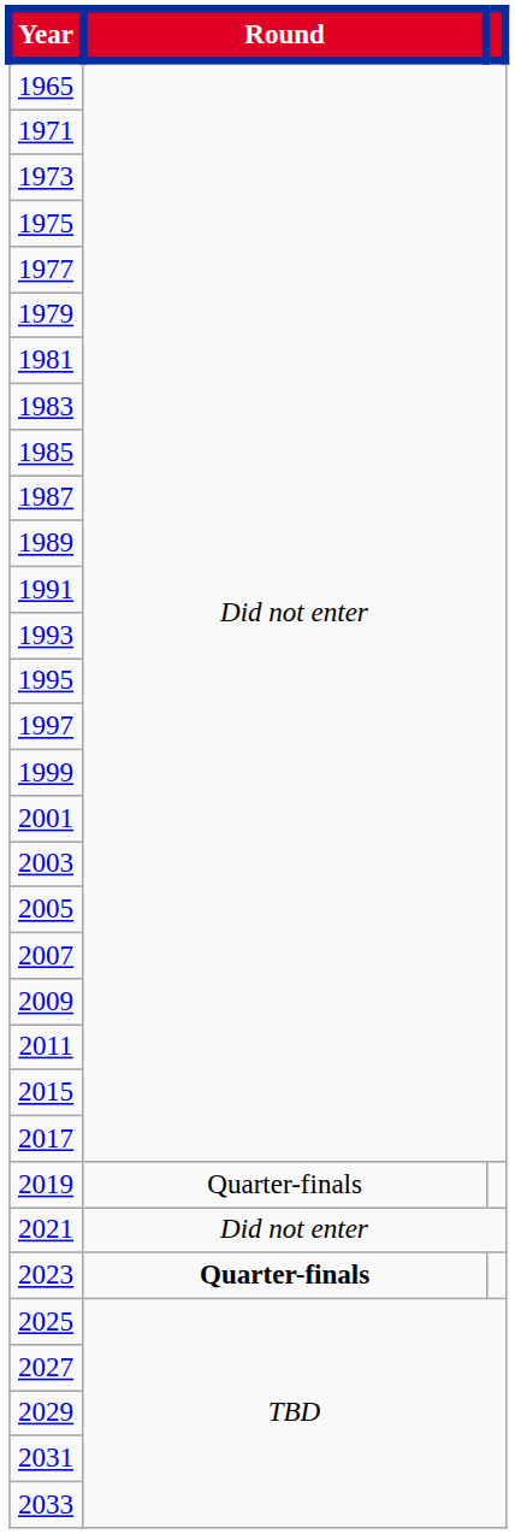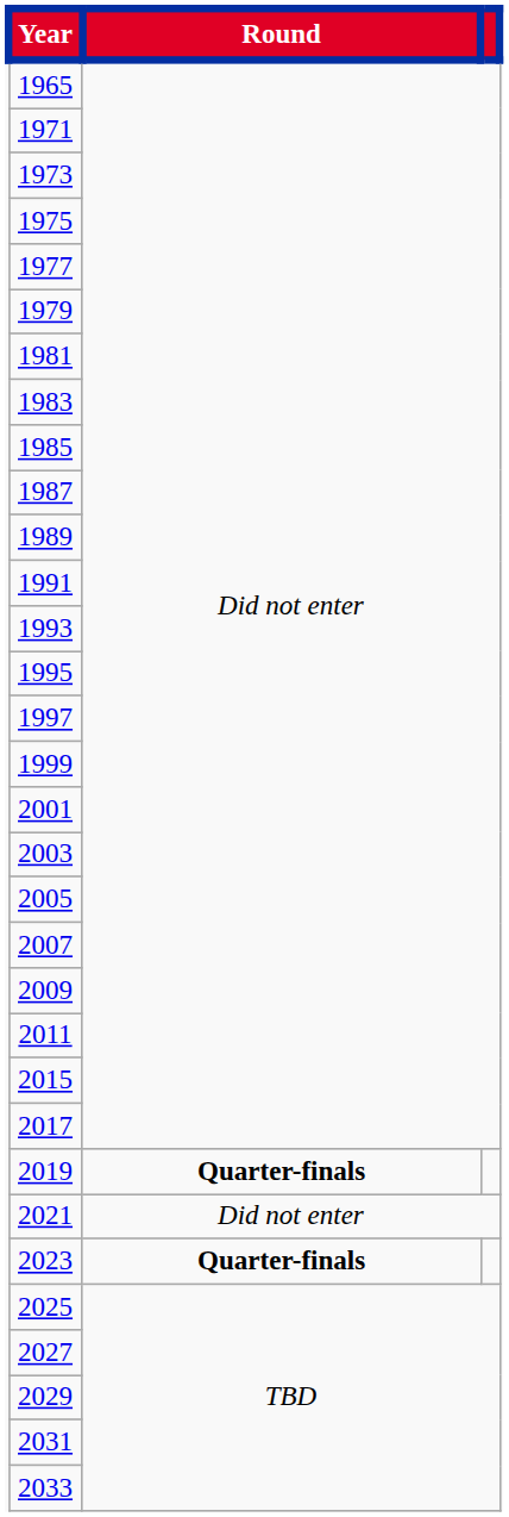 <table class="wikitable" style="text-align: center; font-size:90%">
 <tr style="color:white;">
 <th style="background:#e00025; border: 4px solid #032ea1;">Year</th>
 <th style="background:#e00025; border: 4px solid #032ea1; width:200px">Round</th>
 <th style="background:#e00025; border: 4px solid #032ea1;"></th>
 </tr>
 <tr>
 <td><a href='#'>1965</a></td>
 <td colspan="2" rowspan="24"><em>Did not enter</em></td>
 </tr>
 <tr>
 <td><a href='#'>1971</a></td>
 </tr>
 <tr>
 <td><a href='#'>1973</a></td>
 </tr>
 <tr>
 <td><a href='#'>1975</a></td>
 </tr>
 <tr>
 <td><a href='#'>1977</a></td>
 </tr>
 <tr>
 <td><a href='#'>1979</a></td>
 </tr>
 <tr>
 <td><a href='#'>1981</a></td>
 </tr>
 <tr>
 <td><a href='#'>1983</a></td>
 </tr>
 <tr>
 <td><a href='#'>1985</a></td>
 </tr>
 <tr>
 <td><a href='#'>1987</a></td>
 </tr>
 <tr>
 <td><a href='#'>1989</a></td>
 </tr>
 <tr>
 <td><a href='#'>1991</a></td>
 </tr>
 <tr>
 <td><a href='#'>1993</a></td>
 </tr>
 <tr>
 <td><a href='#'>1995</a></td>
 </tr>
 <tr>
 <td><a href='#'>1997</a></td>
 </tr>
 <tr>
 <td><a href='#'>1999</a></td>
 </tr>
 <tr>
 <td><a href='#'>2001</a></td>
 </tr>
 <tr>
 <td><a href='#'>2003</a></td>
 </tr>
 <tr>
 <td><a href='#'>2005</a></td>
 </tr>
 <tr>
 <td><a href='#'>2007</a></td>
 </tr>
 <tr>
 <td><a href='#'>2009</a></td>
 </tr>
 <tr>
 <td><a href='#'>2011</a></td>
 </tr>
 <tr>
 <td><a href='#'>2015</a></td>
 </tr>
 <tr>
 <td><a href='#'>2017</a></td>
 </tr>
 <tr>
 <td><a href='#'>2019</a></td>
-<td>Quarter-finals</td>
+<td><strong>Quarter-finals</strong></td>
 <td></td>
 </tr>
 <tr>
 <td><a href='#'>2021</a></td>
 <td colspan="2"><em>Did not enter</em></td>
 </tr>
 <tr>
 <td><a href='#'>2023</a></td>
 <td><strong>Quarter-finals</strong></td>
 <td></td>
 </tr>
 <tr>
 <td><a href='#'>2025</a></td>
 <td colspan="2" rowspan="5"><em>TBD</em></td>
 </tr>
 <tr>
 <td><a href='#'>2027</a></td>
 </tr>
 <tr>
 <td><a href='#'>2029</a></td>
 </tr>
 <tr>
 <td><a href='#'>2031</a></td>
 </tr>
 <tr>
 <td><a href='#'>2033</a></td>
 </tr>
 </table>
